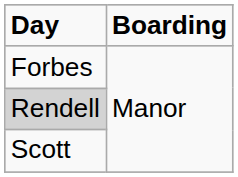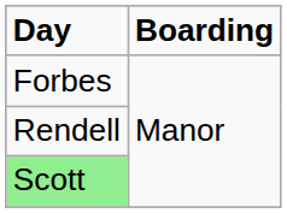 <table class="wikitable">
 <tr>
 <td><strong>Day</strong></td>
 <td><strong>Boarding</strong></td>
 </tr>
 <tr>
 <td>Forbes</td>
 <td rowspan="3">Manor</td>
 </tr>
 <tr>
-<td style="background: lightgrey;">Rendell</td>
+<td>Rendell</td>
 </tr>
 <tr>
-<td>Scott</td>
+<td style="background: lightgreen;">Scott</td>
 </tr>
 </table>
